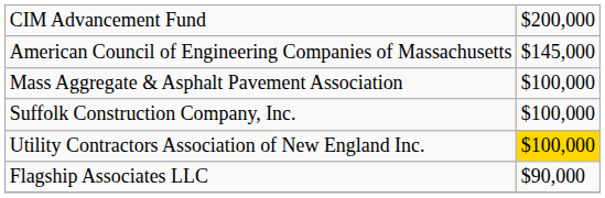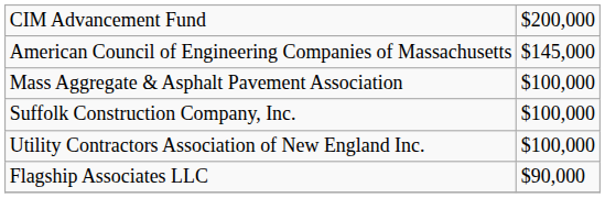 <table class="wikitable">
 <tr>
 <td>CIM Advancement Fund</td>
 <td>$200,000</td>
 </tr>
 <tr>
 <td>American Council of Engineering Companies of Massachusetts</td>
 <td>$145,000</td>
 </tr>
 <tr>
 <td>Mass Aggregate & Asphalt Pavement Association</td>
 <td>$100,000</td>
 </tr>
 <tr>
 <td>Suffolk Construction Company, Inc.</td>
 <td>$100,000</td>
 </tr>
 <tr>
 <td>Utility Contractors Association of New England Inc.</td>
-<td style="background: gold;">$100,000</td>
+<td>$100,000</td>
 </tr>
 <tr>
 <td>Flagship Associates LLC</td>
 <td>$90,000</td>
 </tr>
 <tr>
 </tr>
 </table>
